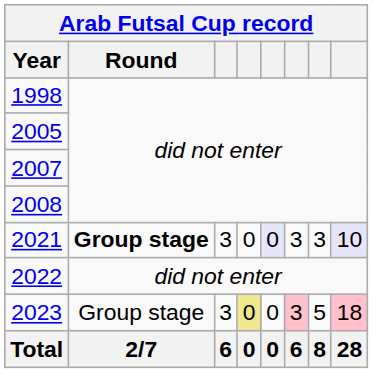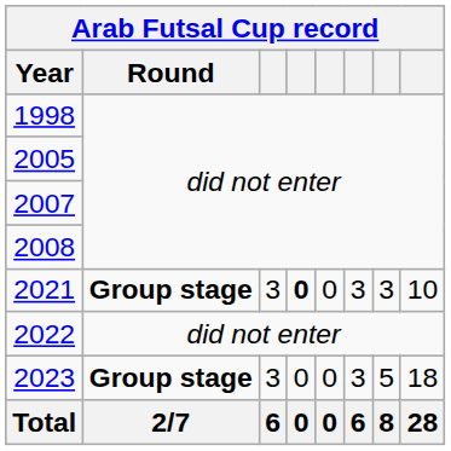 <table class="wikitable" style="text-align: center;font-size:90%;">
 <tr>
 <th colspan=8><a href='#'>Arab Futsal Cup record</a></th>
 </tr>
 <tr>
 <th>Year</th>
 <th>Round</th>
 <th></th>
 <th></th>
 <th></th>
 <th></th>
 <th></th>
 <th></th>
 </tr>
 <tr>
 <td> <a href='#'>1998</a></td>
 <td colspan=8 rowspan=4><em>did not enter</em></td>
 </tr>
 <tr>
 <td> <a href='#'>2005</a></td>
 </tr>
 <tr>
 <td> <a href='#'>2007</a></td>
 </tr>
 <tr>
 <td> <a href='#'>2008</a></td>
 </tr>
 <tr>
 <td> <a href='#'>2021</a></td>
 <td><strong>Group stage</strong></td>
 <td>3</td>
+<td><strong>0</strong></td>
 <td>0</td>
-<td style="background: lavender;">0</td>
 <td>3</td>
 <td>3</td>
-<td style="background: lavender;">10</td>
+<td>10</td>
 </tr>
 <tr>
 <td> <a href='#'>2022</a></td>
 <td colspan=8><em>did not enter</em></td>
 </tr>
 <tr>
 <td> <a href='#'>2023</a></td>
-<td>Group stage</td>
+<td><strong>Group stage</strong></td>
 <td>3</td>
-<td style="background: khaki;">0</td>
 <td>0</td>
-<td style="background: pink;">3</td>
+<td>0</td>
+<td>3</td>
 <td>5</td>
-<td style="background: pink;">18</td>
+<td>18</td>
 </tr>
 <tr>
 <th>Total</th>
 <th>2/7</th>
 <th>6</th>
 <th>0</th>
 <th>0</th>
 <th>6</th>
 <th>8</th>
 <th>28</th>
 </tr>
 </table>
